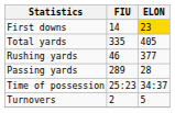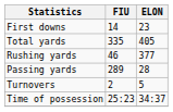 <table class="wikitable" style="float: left;">
 <tr>
 <th>Statistics</th>
 <th>FIU</th>
 <th>ELON</th>
 </tr>
 <tr>
 <td>First downs</td>
 <td>14</td>
-<td style="background: gold;">23</td>
+<td>23</td>
 </tr>
 <tr>
 <td>Total yards</td>
 <td>335</td>
 <td>405</td>
 </tr>
 <tr>
 <td>Rushing yards</td>
 <td>46</td>
 <td>377</td>
 </tr>
 <tr>
 <td>Passing yards</td>
 <td>289</td>
 <td>28</td>
 </tr>
 <tr>
+<td>Turnovers</td>
+<td>2</td>
+<td>5</td>
+</tr>
+<tr>
 <td>Time of possession</td>
 <td>25:23</td>
 <td>34:37</td>
 </tr>
 <tr>
-<td>Turnovers</td>
-<td>2</td>
-<td>5</td>
-</tr>
-<tr>
 </tr>
 </table>
